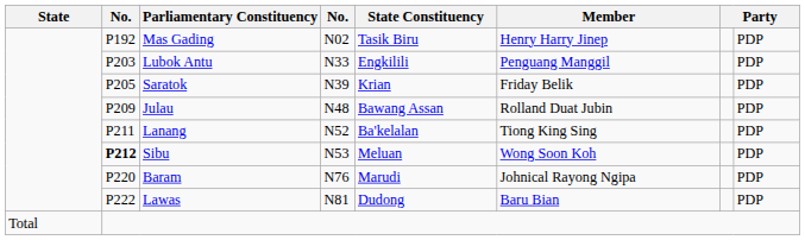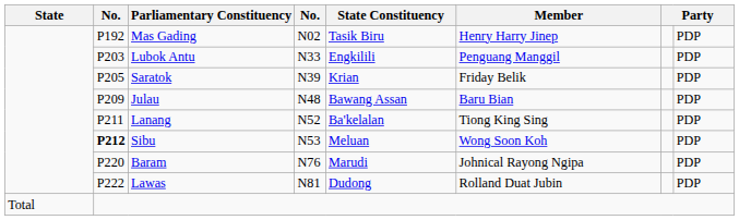 <table class="wikitable sortable">
 <tr>
 <th style="width:100px;">State</th>
 <th>No.</th>
 <th>Parliamentary Constituency</th>
 <th style="width:30px;">No.</th>
 <th style="width:150px;">State Constituency</th>
 <th style="width:240px;">Member</th>
 <th colspan="2" style="width:80px;">Party</th>
 </tr>
 <tr>
 <td rowspan="8"></td>
 <td>P192</td>
 <td><a href='#'>Mas Gading</a></td>
 <td>N02</td>
 <td><a href='#'>Tasik Biru</a></td>
 <td><a href='#'>Henry Harry Jinep</a></td>
 <td style="background:"></td>
 <td>PDP</td>
 </tr>
 <tr>
 <td>P203</td>
 <td><a href='#'>Lubok Antu</a></td>
 <td>N33</td>
 <td><a href='#'>Engkilili</a></td>
 <td><a href='#'>Penguang Manggil</a></td>
 <td style="background:"></td>
 <td>PDP</td>
 </tr>
 <tr>
 <td>P205</td>
 <td><a href='#'>Saratok</a></td>
 <td>N39</td>
 <td><a href='#'>Krian</a></td>
 <td>Friday Belik</td>
 <td style="background:"></td>
 <td>PDP</td>
 </tr>
 <tr>
 <td>P209</td>
 <td><a href='#'>Julau</a></td>
 <td>N48</td>
 <td><a href='#'>Bawang Assan</a></td>
-<td>Rolland Duat Jubin</td>
+<td><a href='#'>Baru Bian</a></td>
 <td style="background:"></td>
 <td>PDP</td>
 </tr>
 <tr>
 <td>P211</td>
 <td><a href='#'>Lanang</a></td>
 <td>N52</td>
 <td><a href='#'>Ba'kelalan</a></td>
 <td>Tiong King Sing</td>
 <td style="background:"></td>
 <td>PDP</td>
 </tr>
 <tr>
 <td><strong>P212</strong></td>
 <td><a href='#'>Sibu</a></td>
 <td>N53</td>
 <td><a href='#'>Meluan</a></td>
 <td><a href='#'>Wong Soon Koh</a></td>
 <td style="background:"></td>
 <td>PDP</td>
 </tr>
 <tr>
 <td>P220</td>
 <td><a href='#'>Baram</a></td>
 <td>N76</td>
 <td><a href='#'>Marudi</a></td>
 <td>Johnical Rayong Ngipa</td>
 <td style="background:"></td>
 <td>PDP</td>
 </tr>
 <tr>
 <td>P222</td>
 <td><a href='#'>Lawas</a></td>
 <td>N81</td>
 <td><a href='#'>Dudong</a></td>
-<td><a href='#'>Baru Bian</a></td>
+<td>Rolland Duat Jubin</td>
 <td style="background:"></td>
 <td>PDP</td>
 </tr>
 <tr>
 <td>Total</td>
 <td colspan="7"></td>
 </tr>
 </table>
